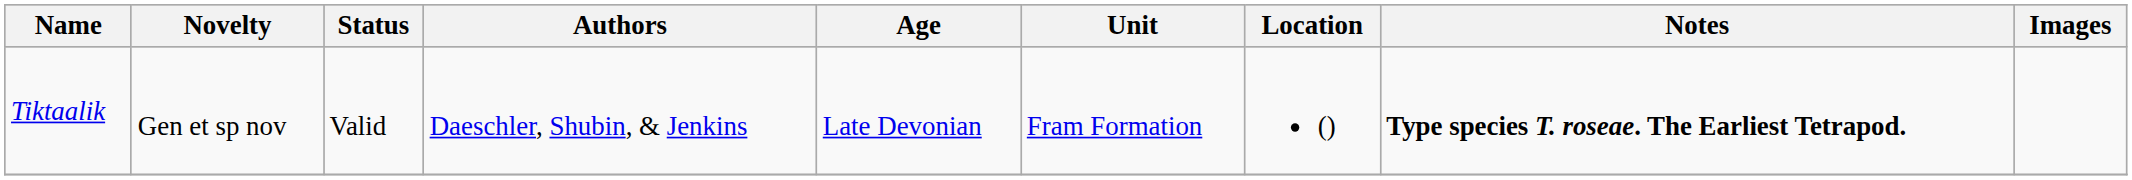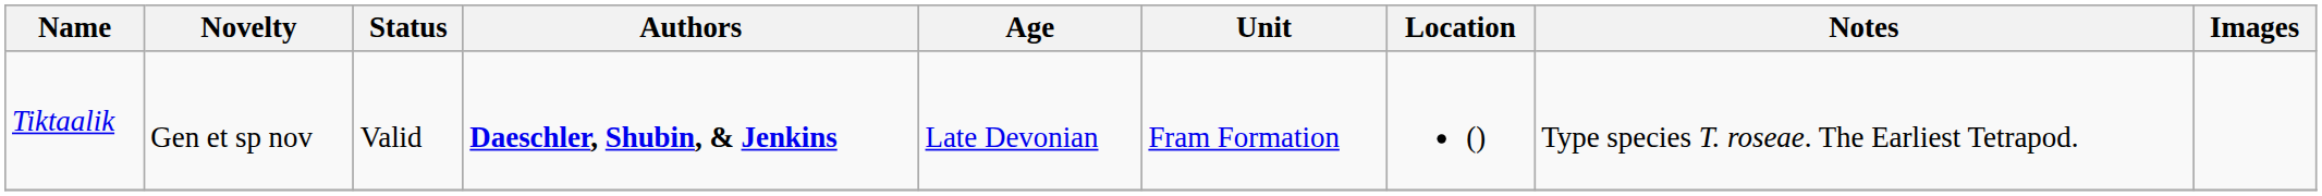 <table class="wikitable sortable" align="center" width="100%">
 <tr>
 <th>Name</th>
 <th>Novelty</th>
 <th>Status</th>
 <th>Authors</th>
 <th>Age</th>
 <th>Unit</th>
 <th>Location</th>
 <th>Notes</th>
 <th>Images</th>
 </tr>
 <tr>
 <td><em><a href='#'>Tiktaalik</a></em></td>
 <td><br>Gen et sp nov</td>
 <td><br>Valid</td>
-<td><br><a href='#'>Daeschler</a>, <a href='#'>Shubin</a>, & <a href='#'>Jenkins</a></td>
+<td><strong><br><a href='#'>Daeschler</a>, <a href='#'>Shubin</a>, & <a href='#'>Jenkins</a></strong></td>
 <td><br><a href='#'>Late Devonian</a></td>
 <td><br><a href='#'>Fram Formation</a></td>
 <td><br><ul><li> ()</li></ul></td>
-<td><strong><br>Type species <em>T. roseae</em>. The Earliest Tetrapod.</strong></td>
+<td><br>Type species <em>T. roseae</em>. The Earliest Tetrapod.</td>
 <td></td>
 </tr>
 <tr>
 </tr>
 </table>
